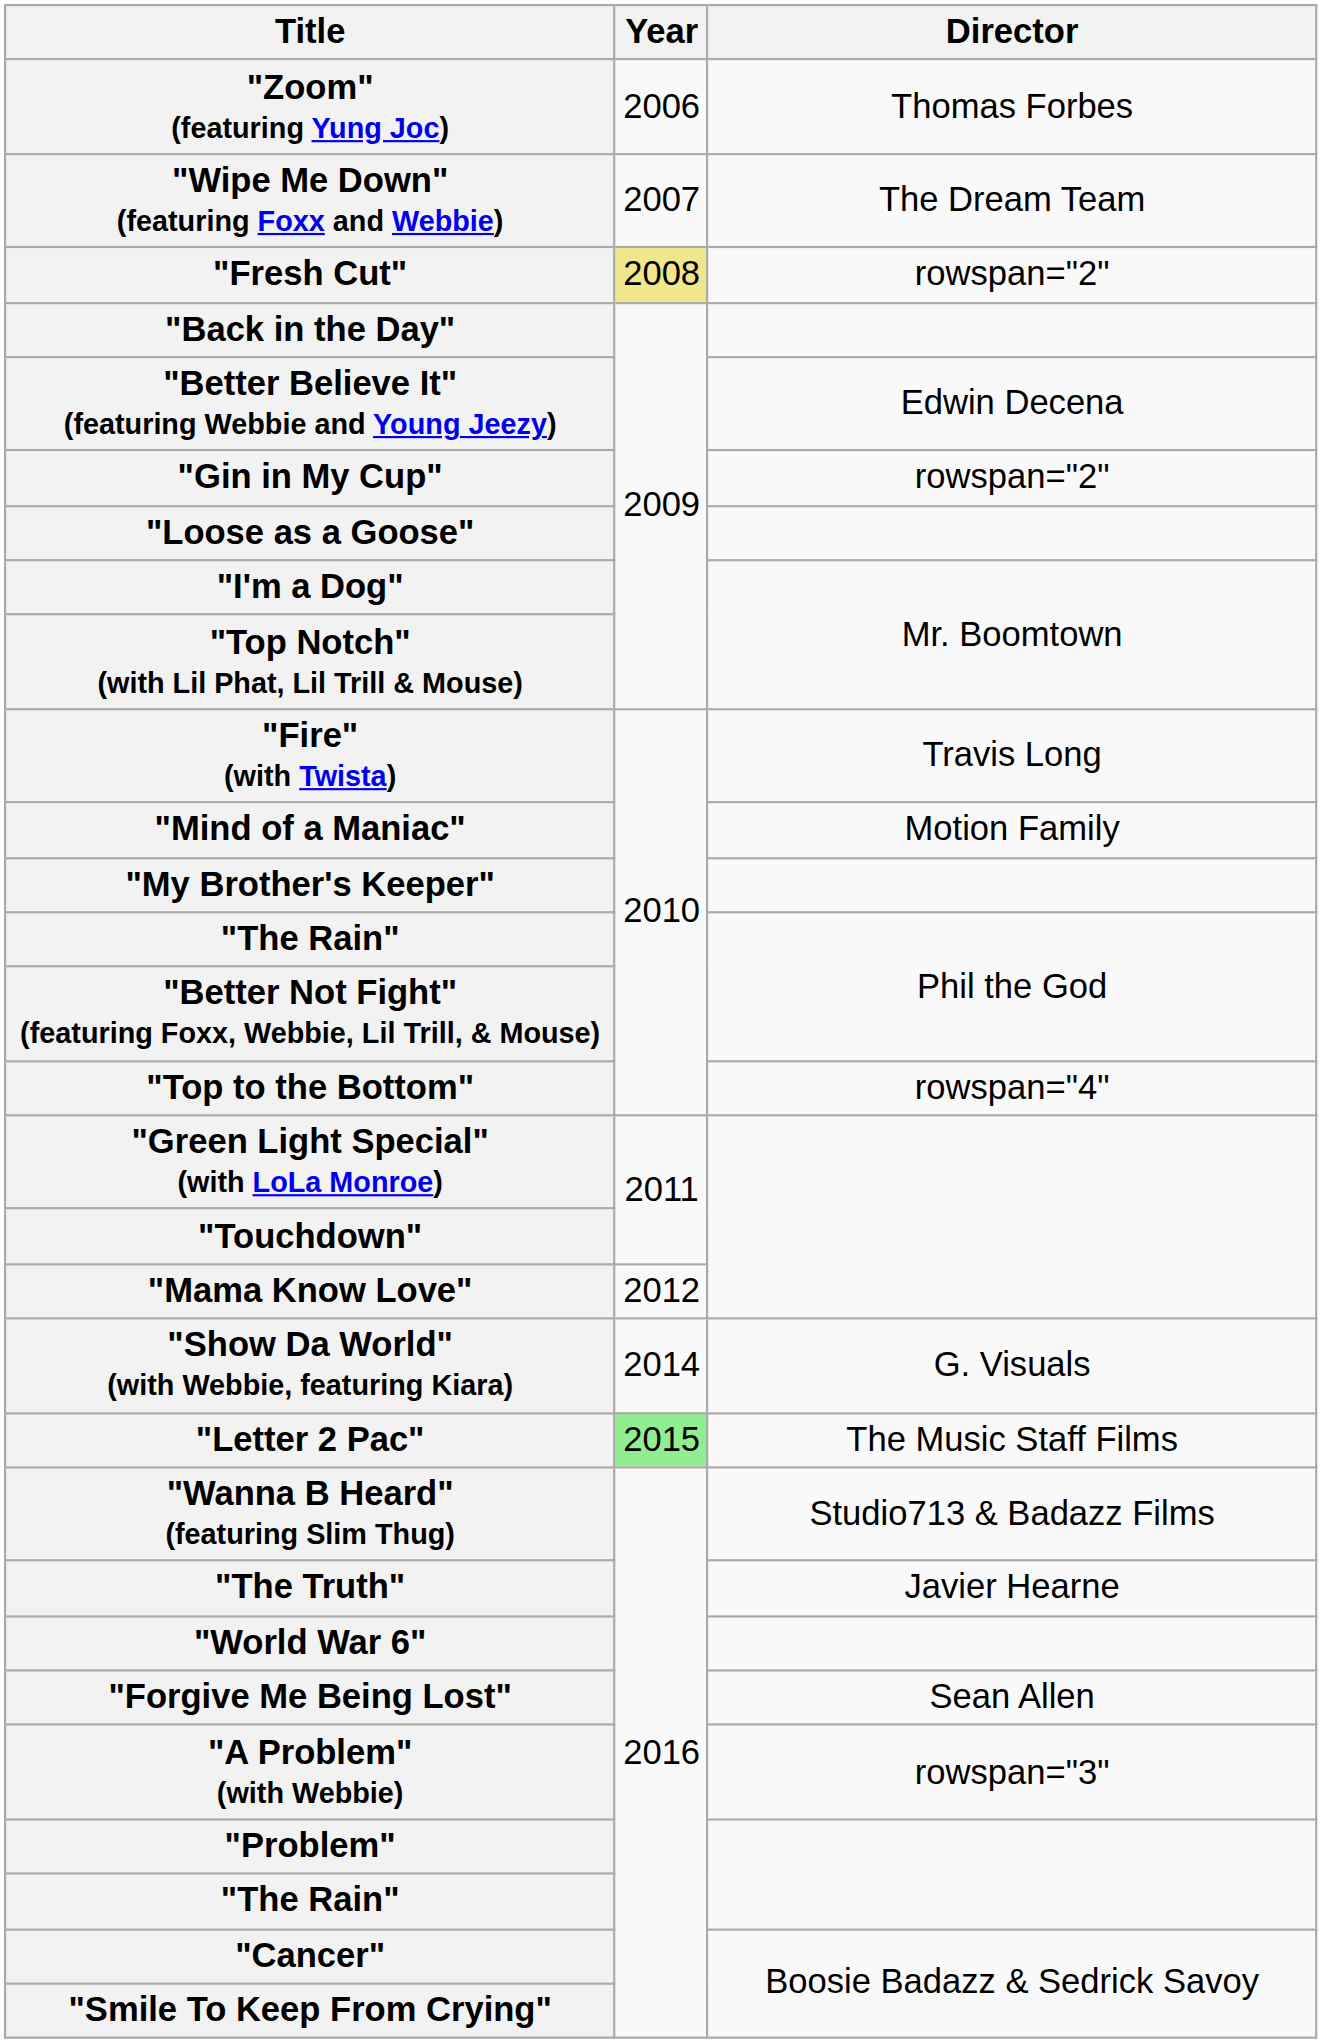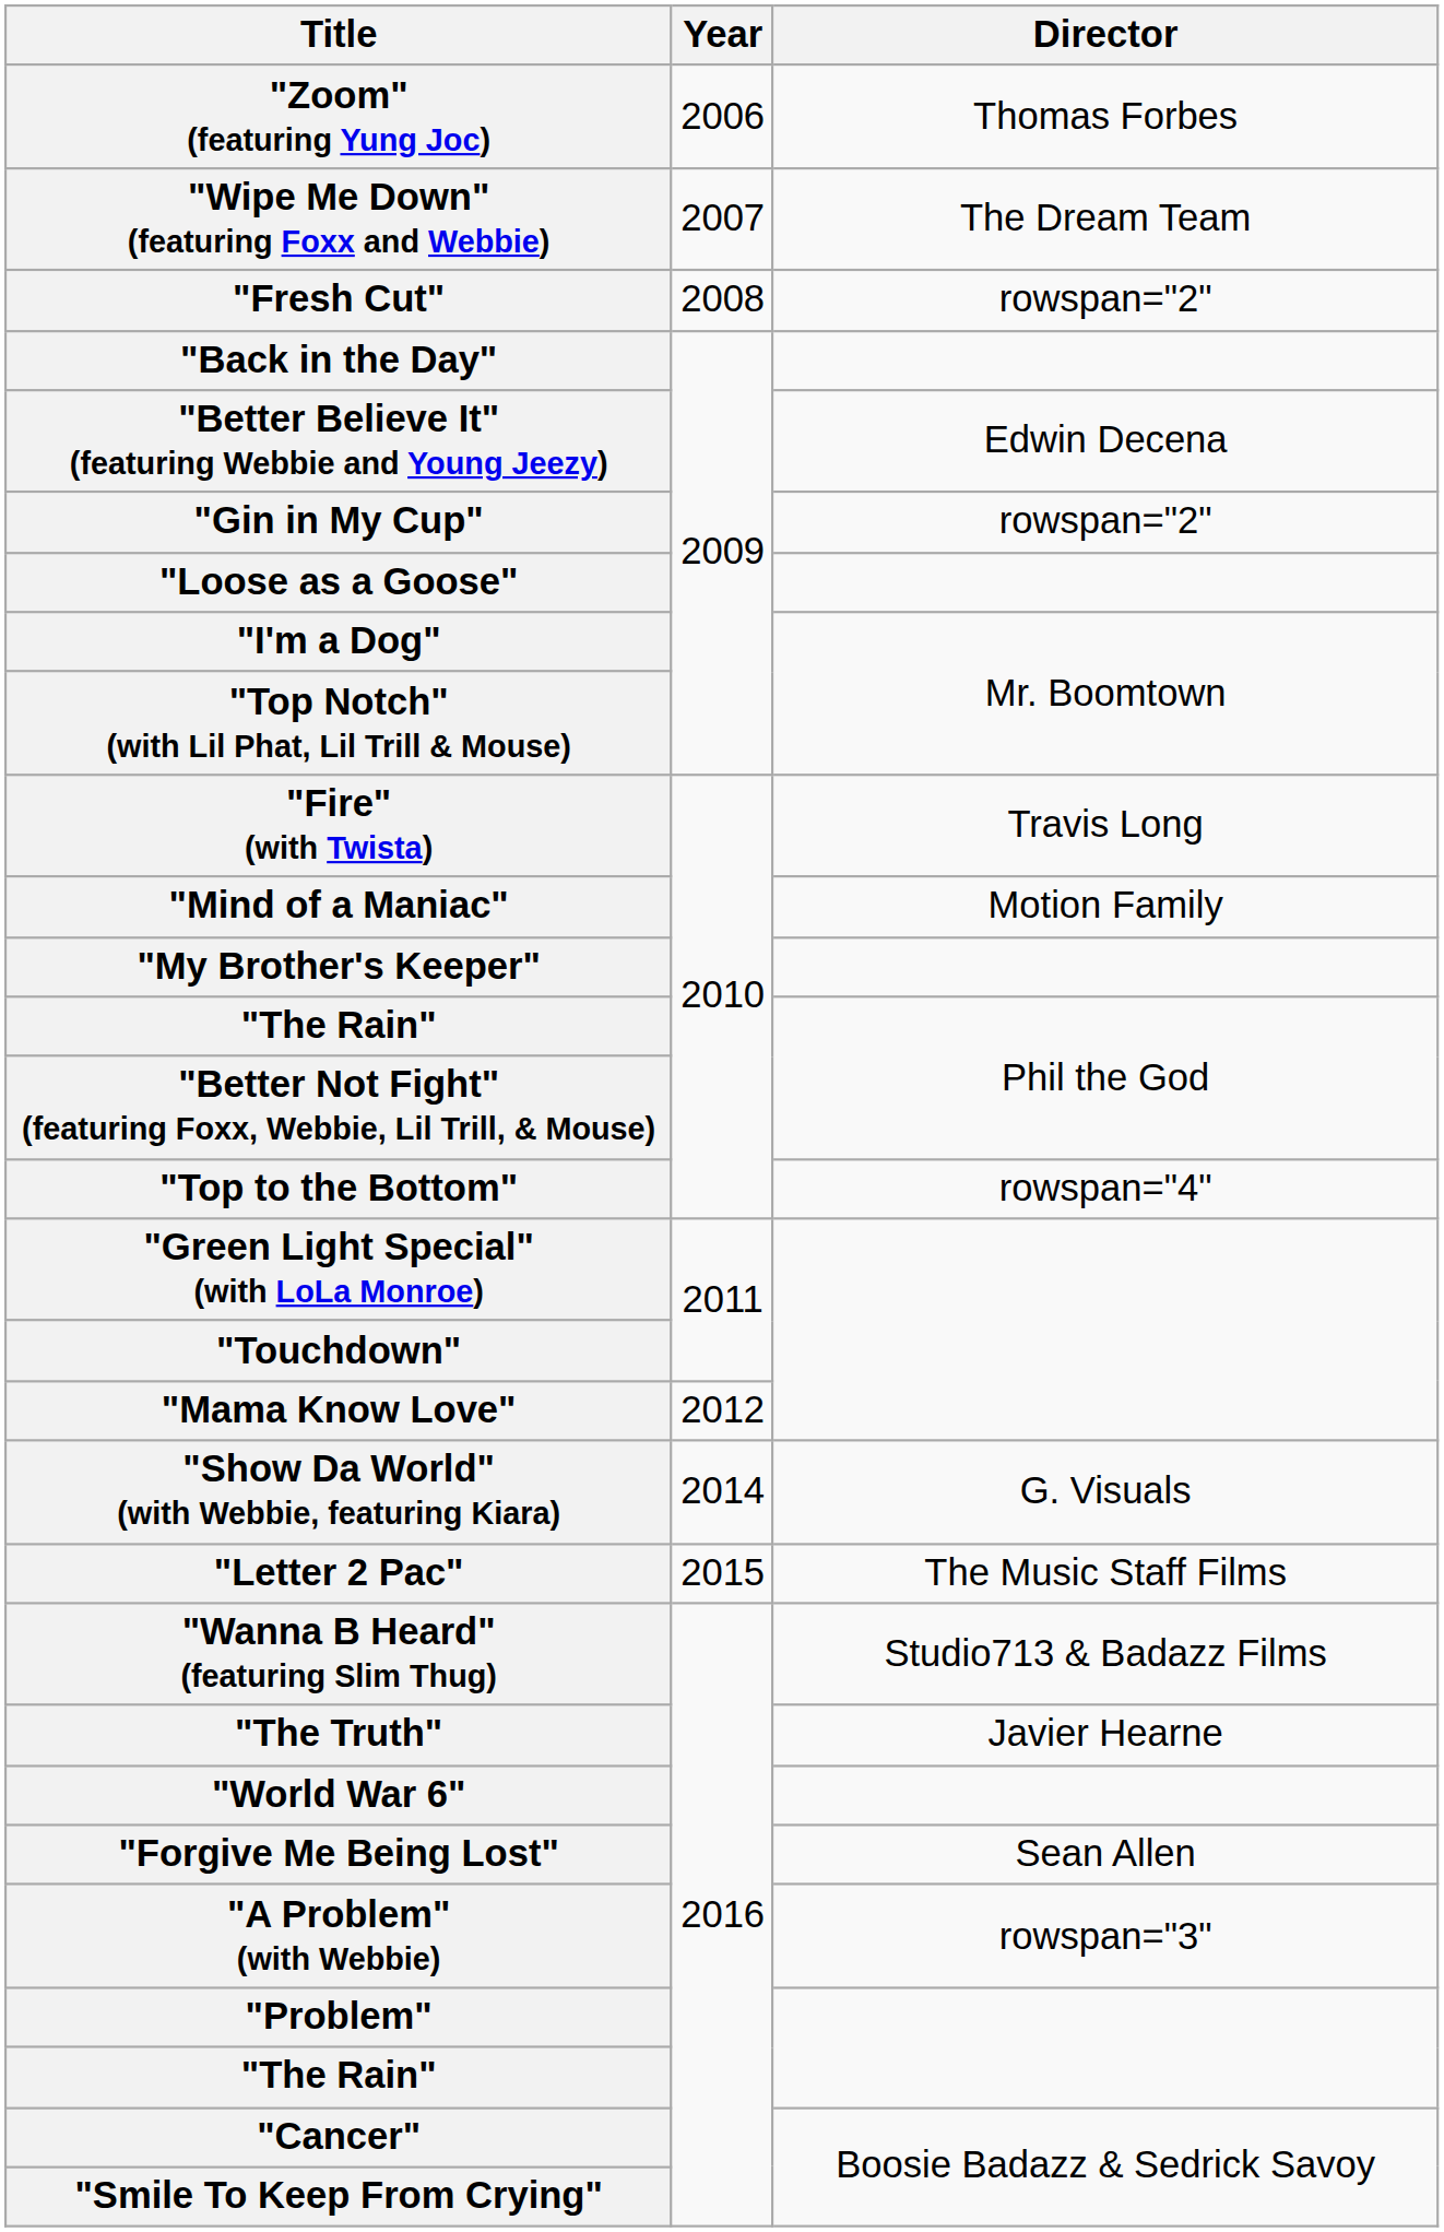 <table class="wikitable plainrowheaders" style="text-align:center;">
 <tr>
 <th style="width:18em;">Title</th>
 <th>Year</th>
 <th style="width:18em;">Director</th>
 </tr>
 <tr>
 <th scope="row">"Zoom"<br><small>(featuring <a href='#'>Yung Joc</a>)</small></th>
 <td>2006</td>
 <td>Thomas Forbes</td>
 </tr>
 <tr>
 <th scope="row">"Wipe Me Down"<br><small>(featuring <a href='#'>Foxx</a> and <a href='#'>Webbie</a>)</small></th>
 <td>2007</td>
 <td>The Dream Team</td>
 </tr>
 <tr>
 <th scope="row">"Fresh Cut"</th>
-<td style="background: khaki;">2008</td>
+<td>2008</td>
 <td>rowspan="2" </td>
 </tr>
 <tr>
 <th scope="row">"Back in the Day"</th>
 <td rowspan="6">2009</td>
 </tr>
 <tr>
 <th scope="row">"Better Believe It"<br><small>(featuring Webbie and <a href='#'>Young Jeezy</a>)</small></th>
 <td>Edwin Decena</td>
 </tr>
 <tr>
 <th scope="row">"Gin in My Cup"</th>
 <td>rowspan="2" </td>
 </tr>
 <tr>
 <th scope="row">"Loose as a Goose"</th>
 </tr>
 <tr>
 <th scope="row">"I'm a Dog"</th>
 <td rowspan="2">Mr. Boomtown</td>
 </tr>
 <tr>
 <th scope="row">"Top Notch" <br><small>(with Lil Phat, Lil Trill & Mouse)</small></th>
 </tr>
 <tr>
 <th scope="row">"Fire" <br><small>(with <a href='#'>Twista</a>)</small></th>
 <td rowspan="6">2010</td>
 <td>Travis Long</td>
 </tr>
 <tr>
 <th scope="row">"Mind of a Maniac"</th>
 <td>Motion Family</td>
 </tr>
 <tr>
 <th scope="row">"My Brother's Keeper"</th>
 <td></td>
 </tr>
 <tr>
 <th scope="row">"The Rain"</th>
 <td rowspan="2">Phil the God</td>
 </tr>
 <tr>
 <th scope="row">"Better Not Fight" <br><small>(featuring Foxx, Webbie, Lil Trill, & Mouse)</small></th>
 </tr>
 <tr>
 <th scope="row">"Top to the Bottom"</th>
 <td>rowspan="4" </td>
 </tr>
 <tr>
 <th scope="row">"Green Light Special" <br><small>(with <a href='#'>LoLa Monroe</a>)</small></th>
 <td rowspan="2">2011</td>
 </tr>
 <tr>
 <th scope="row">"Touchdown"</th>
 </tr>
 <tr>
 <th scope="row">"Mama Know Love"</th>
 <td>2012</td>
 </tr>
 <tr>
 <th scope="row">"Show Da World"<br><small>(with Webbie, featuring Kiara)</small></th>
 <td>2014</td>
 <td>G. Visuals</td>
 </tr>
 <tr>
 <th scope="row">"Letter 2 Pac"<br></th>
-<td rowspan="1" style="background: lightgreen;">2015</td>
+<td rowspan="1">2015</td>
 <td>The Music Staff Films</td>
 </tr>
 <tr>
 <th scope="row">"Wanna B Heard"<br><small>(featuring Slim Thug)</small></th>
 <td rowspan="9">2016</td>
 <td>Studio713 & Badazz Films</td>
 </tr>
 <tr>
 <th scope="row">"The Truth"</th>
 <td>Javier Hearne</td>
 </tr>
 <tr>
 <th scope="row">"World War 6"</th>
 <td></td>
 </tr>
 <tr>
 <th scope="row">"Forgive Me Being Lost"</th>
 <td>Sean Allen</td>
 </tr>
 <tr>
 <th scope="row">"A Problem"<br><small>(with Webbie)</small></th>
 <td>rowspan="3" </td>
 </tr>
 <tr>
 <th scope="row">"Problem"</th>
 </tr>
 <tr>
 <th scope="row">"The Rain"</th>
 </tr>
 <tr>
 <th scope="row">"Cancer"</th>
 <td rowspan="2">Boosie Badazz & Sedrick Savoy</td>
 </tr>
 <tr>
 <th scope="row">"Smile To Keep From Crying"</th>
 </tr>
 </table>
